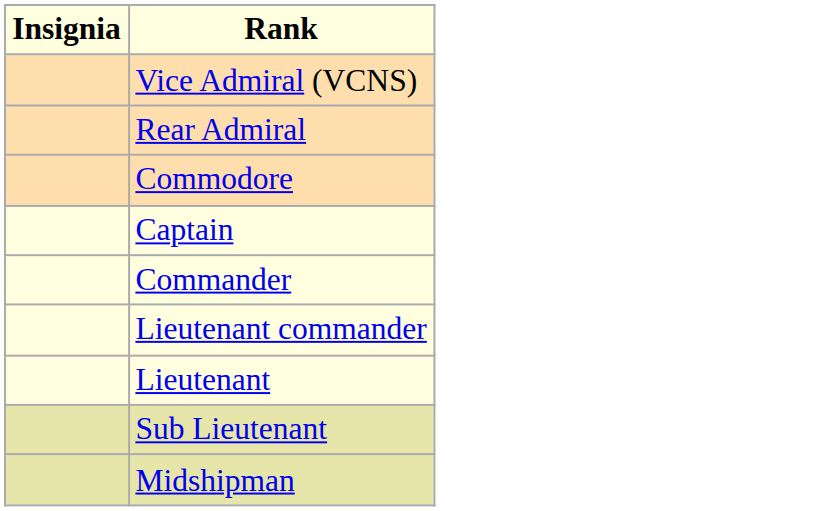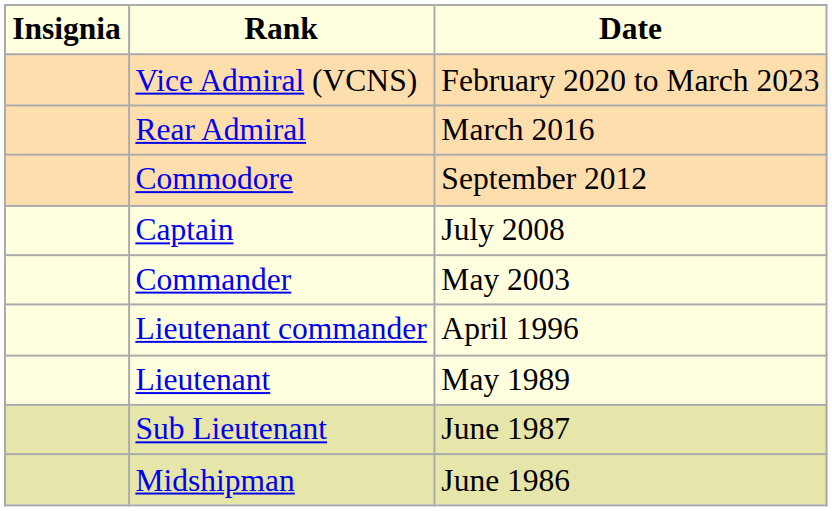 <table class="wikitable">
 <tr>
 <th style="background:#FFFFE0">Insignia</th>
 <th style="background:#FFFFE0">Rank</th>
+<th style="background:#FFFFE0">Date</th>
 </tr>
 <tr>
 <td style="background:#FFDEAD;"></td>
 <td style="background:#FFDEAD;"><a href='#'>Vice Admiral</a> (VCNS)</td>
+<td style="background:#FFDEAD;">February 2020 to March 2023</td>
 </tr>
 <tr>
 <td style="background:#FFDEAD;"></td>
 <td style="background:#FFDEAD;"><a href='#'>Rear Admiral</a></td>
+<td style="background:#FFDEAD;">March 2016</td>
 </tr>
 <tr>
 <td style="background:#FFDEAD;"></td>
 <td style="background:#FFDEAD;"><a href='#'>Commodore</a></td>
+<td style="background:#FFDEAD;">September 2012</td>
 </tr>
 <tr>
 <td style="background:#FFFFE0;"></td>
 <td style="background:#FFFFE0;"><a href='#'>Captain</a></td>
+<td style="background:#FFFFE0;">July 2008</td>
 </tr>
 <tr>
 <td style="background:#FFFFE0;"></td>
 <td style="background:#FFFFE0;"><a href='#'>Commander</a></td>
+<td style="background:#FFFFE0;">May 2003</td>
 </tr>
 <tr>
 <td style="background:#FFFFE0;"></td>
 <td style="background:#FFFFE0;"><a href='#'>Lieutenant commander</a></td>
+<td style="background:#FFFFE0;">April 1996</td>
 </tr>
 <tr>
 <td style="background:#FFFFE0;"></td>
 <td style="background:#FFFFE0;"><a href='#'>Lieutenant</a></td>
+<td style="background:#FFFFE0;">May 1989</td>
 </tr>
 <tr>
 <td style="background:#e6e6aa;"></td>
 <td style="background:#e6e6aa;"><a href='#'>Sub Lieutenant</a></td>
+<td style="background:#e6e6aa;">June 1987</td>
 </tr>
 <tr>
 <td style="background:#e6e6aa;"></td>
 <td style="background:#e6e6aa;"><a href='#'>Midshipman</a></td>
+<td style="background:#e6e6aa;">June 1986</td>
 </tr>
 </table>
